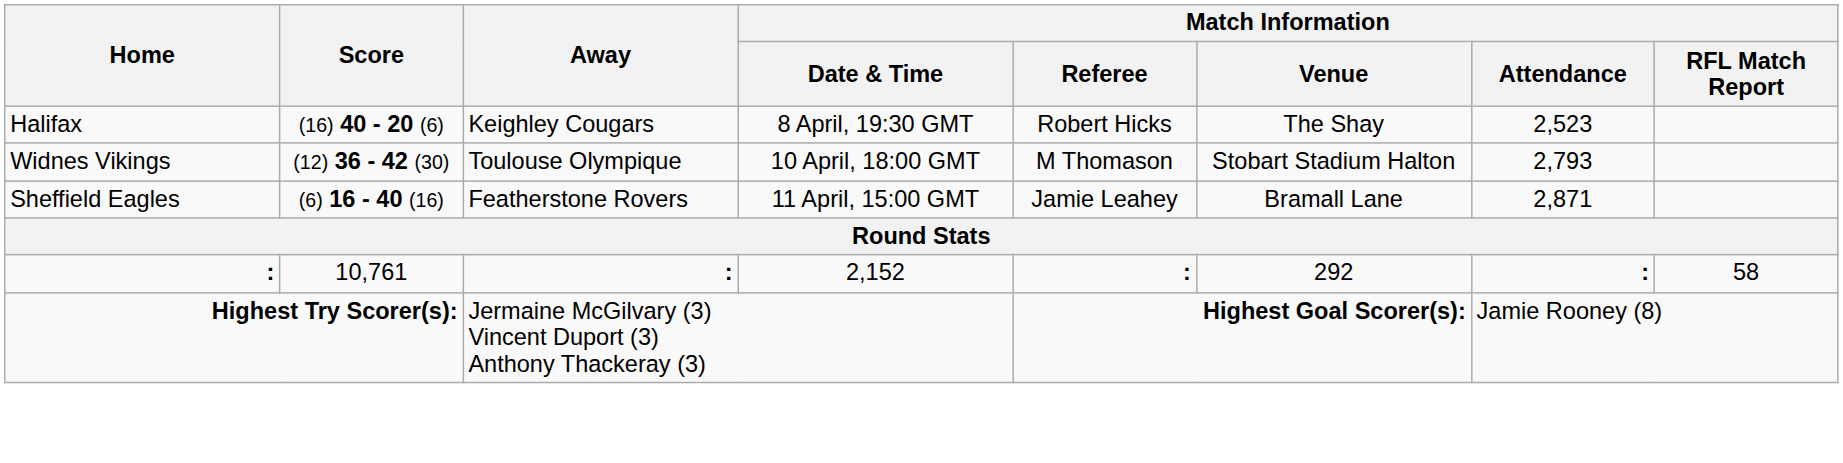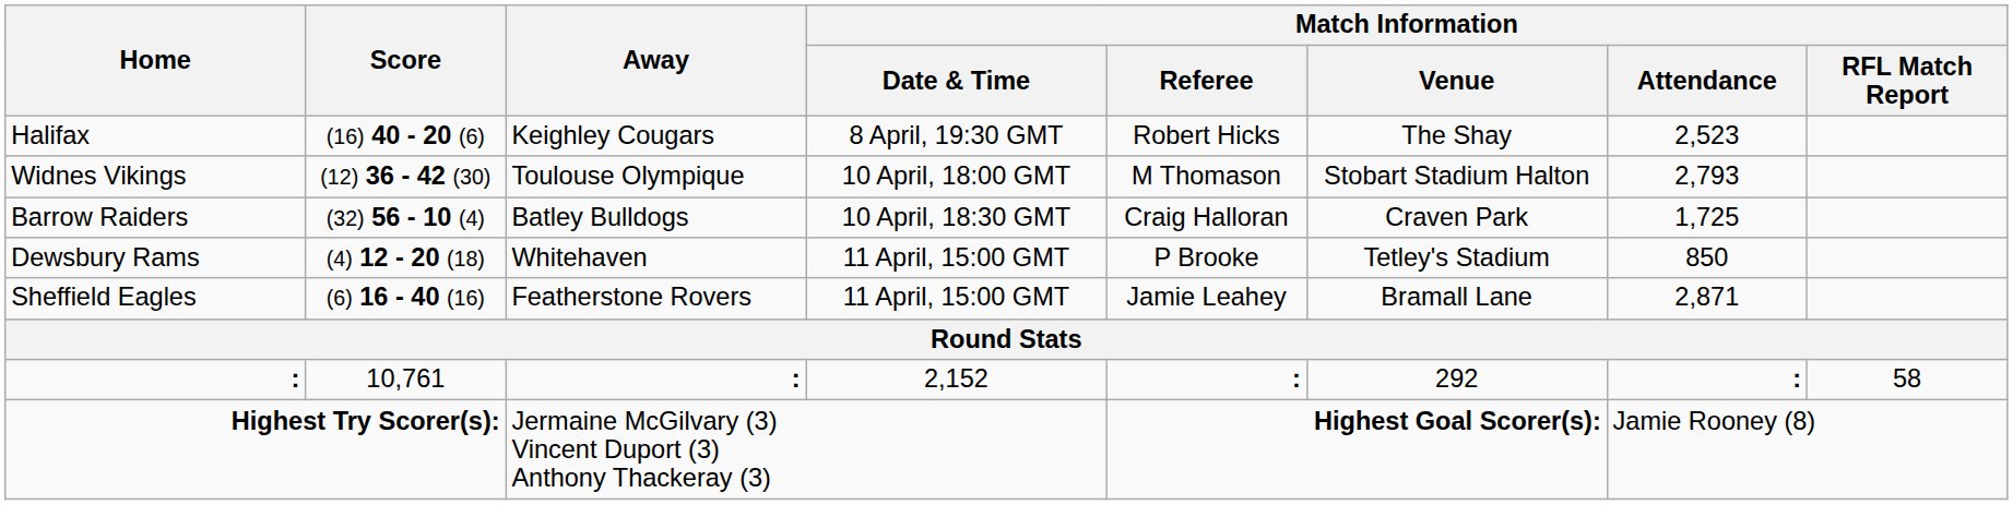 <table class="wikitable" style="text-align: center; cellpadding=3 cellspacing=0 width=95%">
 <tr>
 <th rowspan=2 width=15%>Home</th>
 <th rowspan=2 width=10%>Score</th>
 <th rowspan=2 width=15%>Away</th>
 <th colspan=5>Match Information</th>
 </tr>
 <tr>
 <th width=15%>Date & Time</th>
 <th width=10%>Referee</th>
 <th width=15%>Venue</th>
 <th width=10%>Attendance</th>
 <th width=10%>RFL Match Report</th>
 </tr>
 <tr>
 <td align=left> Halifax</td>
 <td><small>(16)</small> <strong>40 - 20</strong> <small>(6)</small></td>
 <td align=left> Keighley Cougars</td>
 <td>8 April, 19:30 GMT</td>
 <td>Robert Hicks</td>
 <td>The Shay</td>
 <td>2,523</td>
 <td align="center"></td>
 </tr>
 <tr>
 <td align=left> Widnes Vikings</td>
 <td><small>(12)</small> <strong>36 - 42</strong> <small>(30)</small></td>
 <td align=left> Toulouse Olympique</td>
 <td>10 April, 18:00 GMT</td>
 <td>M Thomason</td>
 <td>Stobart Stadium Halton</td>
 <td>2,793</td>
 <td align="center"></td>
 </tr>
 <tr>
+<td align=left> Barrow Raiders</td>
+<td><small>(32)</small> <strong>56 - 10</strong> <small>(4)</small></td>
+<td align=left> Batley Bulldogs</td>
+<td>10 April, 18:30 GMT</td>
+<td>Craig Halloran</td>
+<td>Craven Park</td>
+<td>1,725</td>
+<td align="center"></td>
+</tr>
+<tr>
+<td align=left> Dewsbury Rams</td>
+<td><small>(4)</small> <strong>12 - 20</strong> <small>(18)</small></td>
+<td align=left> Whitehaven</td>
+<td>11 April, 15:00 GMT</td>
+<td>P Brooke</td>
+<td>Tetley's Stadium</td>
+<td>850</td>
+<td align="center"></td>
+</tr>
+<tr>
 <td align=left> Sheffield Eagles</td>
 <td><small>(6)</small> <strong>16 - 40</strong> <small>(16)</small></td>
 <td align=left> Featherstone Rovers</td>
 <td>11 April, 15:00 GMT</td>
 <td>Jamie Leahey</td>
 <td>Bramall Lane</td>
 <td>2,871</td>
 <td align="center"></td>
 </tr>
 <tr>
 <th colspan=8>Round Stats</th>
 </tr>
 <tr>
 <td colspan=1 align=right><strong>:</strong></td>
 <td colspan=1>10,761</td>
 <td colspan=1 align=right><strong>:</strong></td>
 <td colspan=1>2,152</td>
 <td colspan=1 align=right><strong>:</strong></td>
 <td colspan=1>292</td>
 <td colspan=1 align=right><strong>:</strong></td>
 <td colspan=1>58</td>
 </tr>
 <tr>
 <td colspan=2 valign="top" align=right><strong>Highest Try Scorer(s):</strong></td>
 <td colspan=2 valign="top" align=left> Jermaine  McGilvary (3)<br> Vincent Duport (3)<br> Anthony Thackeray (3)</td>
 <td colspan=2 valign="top" align=right><strong>Highest Goal Scorer(s):</strong></td>
 <td colspan=2 valign="top" align=left> Jamie Rooney (8)</td>
 </tr>
 </table>
